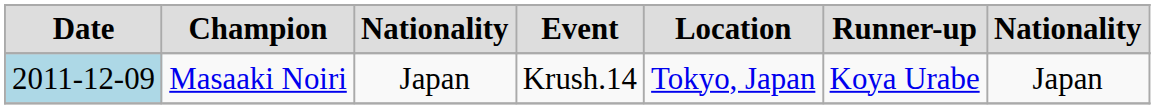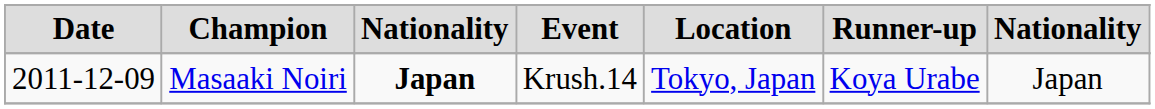 <table class="wikitable" style="text-align:center">
 <tr>
 </tr>
 <tr bgcolor="#dddddd">
 <td><strong>Date</strong></td>
 <td><strong>Champion</strong></td>
 <td><strong>Nationality</strong></td>
 <td><strong>Event</strong></td>
 <td><strong>Location</strong></td>
 <td><strong>Runner-up</strong></td>
 <td><strong>Nationality</strong></td>
 </tr>
 <tr>
 </tr>
 <tr>
-<td style="background: lightblue;">2011-12-09</td>
+<td>2011-12-09</td>
 <td><a href='#'>Masaaki Noiri</a></td>
-<td> Japan</td>
+<td><strong> Japan</strong></td>
 <td>Krush.14</td>
 <td><a href='#'>Tokyo, Japan</a></td>
 <td><a href='#'>Koya Urabe</a></td>
 <td> Japan</td>
 </tr>
 <tr>
 </tr>
 </table>
